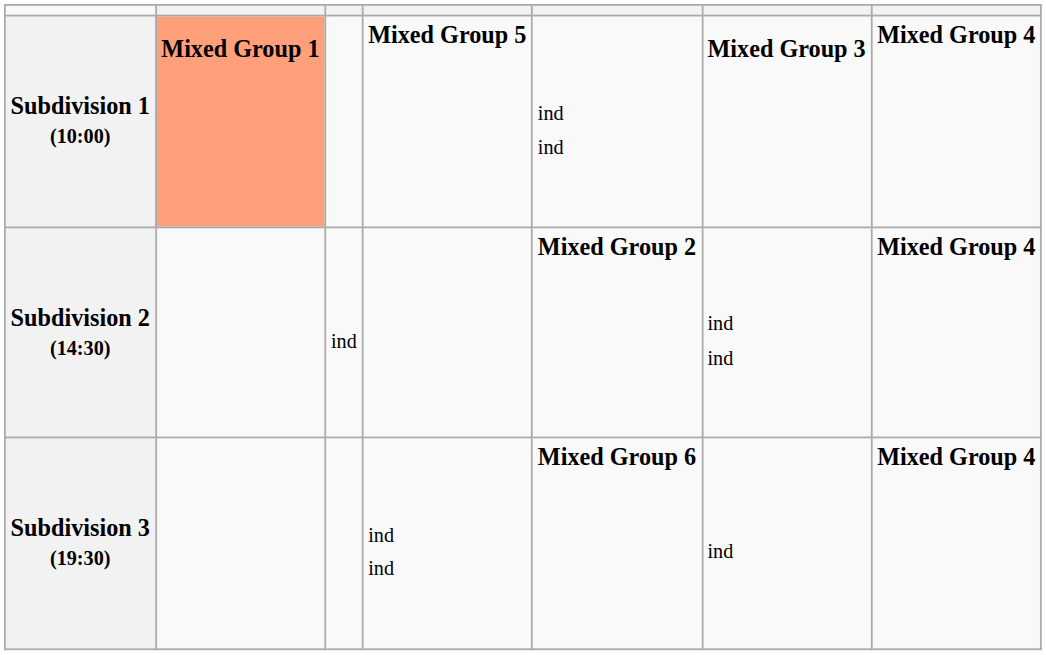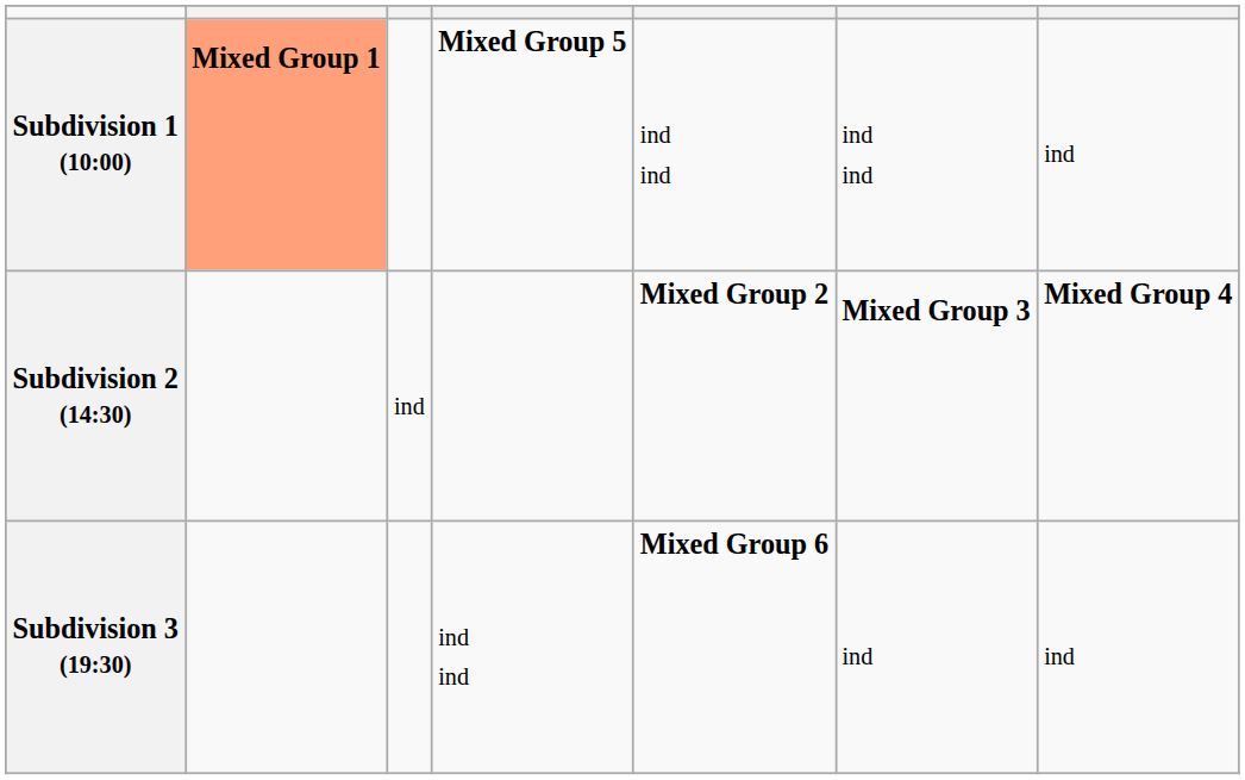 <table class="wikitable" style="font-size:85%">
 <tr>
 <td></td>
 <th></th>
 <th></th>
 <th></th>
 <th></th>
 <th></th>
 <th></th>
 </tr>
 <tr>
 <th>Subdivision 1 <br> <small>(10:00)</small></th>
 <td style="background: lightsalmon;"><strong>Mixed Group 1</strong><br> <br> <br> <br> <br> <br></td>
 <td><strong></strong></td>
 <td><strong>Mixed Group 5</strong><br> <br> <br> <br> <br> <br> <br></td>
 <td><strong></strong><br> <sup>ind</sup> <br> <sup>ind</sup></td>
-<td><strong>Mixed Group 3</strong><br> <br> <br> <br> <br> <br></td>
-<td><strong>Mixed Group 4</strong><br> <br> <br> <br> <br> <br> <br></td>
+<td><strong></strong><br> <sup>ind</sup><br> <sup>ind</sup></td>
+<td><strong></strong><br> <sup>ind</sup></td>
 </tr>
 <tr>
 <th>Subdivision 2 <br> <small>(14:30)</small></th>
 <td><strong></strong></td>
 <td><strong></strong><br> <sup>ind</sup></td>
 <td><strong></strong></td>
 <td><strong>Mixed Group 2</strong><br> <br> <br> <br> <br> <br> <br></td>
-<td><strong></strong><br> <sup>ind</sup><br> <sup>ind</sup></td>
+<td><strong>Mixed Group 3</strong><br> <br> <br> <br> <br> <br></td>
 <td><strong>Mixed Group 4</strong><br> <br> <br> <br> <br> <br> <br></td>
 </tr>
 <tr>
 <th>Subdivision 3 <br> <small>(19:30)</small></th>
 <td><strong></strong></td>
 <td><strong></strong></td>
 <td><strong></strong><br> <sup>ind</sup> <br> <sup>ind</sup></td>
 <td><strong>Mixed Group 6</strong><br> <br> <br> <br> <br> <br> <br></td>
 <td><strong></strong><br> <sup>ind</sup></td>
-<td><strong>Mixed Group 4</strong><br> <br> <br> <br> <br> <br> <br></td>
+<td><strong></strong><br> <sup>ind</sup></td>
 </tr>
 </table>
